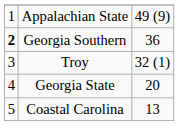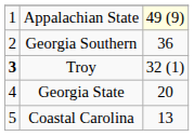 <table class="wikitable" style="display: inline-table;">
 <tr align="center">
 </tr>
 <tr align="center">
 <td>1</td>
 <td>Appalachian State</td>
-<td>49 (9)</td>
+<td style="background: lightyellow;">49 (9)</td>
 </tr>
 <tr align="center">
-<td><strong>2</strong></td>
+<td>2</td>
 <td>Georgia Southern</td>
 <td>36</td>
 </tr>
 <tr align="center">
-<td>3</td>
+<td><strong>3</strong></td>
 <td>Troy</td>
 <td>32 (1)</td>
 </tr>
 <tr align="center">
 <td>4</td>
 <td>Georgia State</td>
 <td>20</td>
 </tr>
 <tr align="center">
 <td>5</td>
 <td>Coastal Carolina</td>
 <td>13</td>
 </tr>
 </table>
